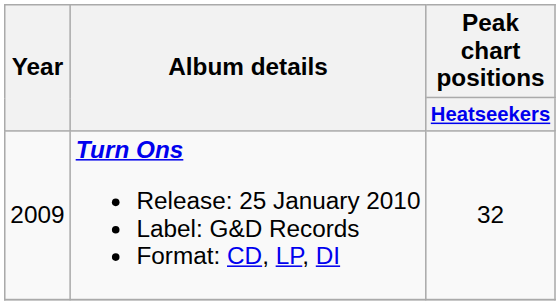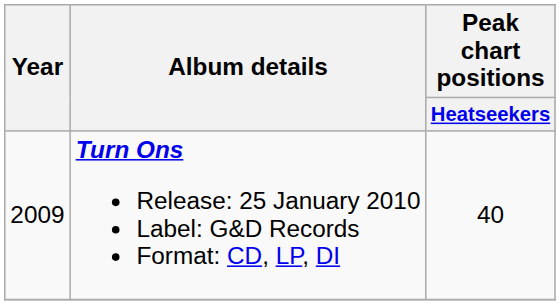 <table class="wikitable">
 <tr>
 <th rowspan="2">Year</th>
 <th rowspan="2">Album details</th>
 <th colspan="1">Peak chart positions</th>
 </tr>
 <tr style="font-size:smaller;">
 <th width="25"><a href='#'>Heatseekers</a></th>
 </tr>
 <tr>
 <td>2009</td>
 <td><strong><em><a href='#'>Turn Ons</a></em></strong><br><ul><li>Release: 25 January 2010</li><li>Label: G&D Records</li><li>Format: <a href='#'>CD</a>, <a href='#'>LP</a>, <a href='#'>DI</a></li></ul></td>
-<td align="center">32</td>
+<td align="center">40</td>
 </tr>
 <tr>
 </tr>
 </table>
